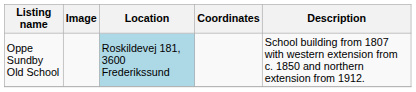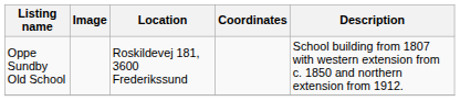 <table class="wikitable sortable">
 <tr>
 <th>Listing name</th>
 <th>Image</th>
 <th>Location</th>
 <th>Coordinates</th>
 <th>Description</th>
 </tr>
 <tr>
 <td>Oppe Sundby Old School</td>
 <td></td>
-<td style="background: lightblue;">Roskildevej 181, 3600 Frederikssund</td>
+<td>Roskildevej 181, 3600 Frederikssund</td>
 <td></td>
 <td>School building from 1807 with western extension from c. 1850 and northern extension from 1912.</td>
 </tr>
 <tr>
 </tr>
 </table>
